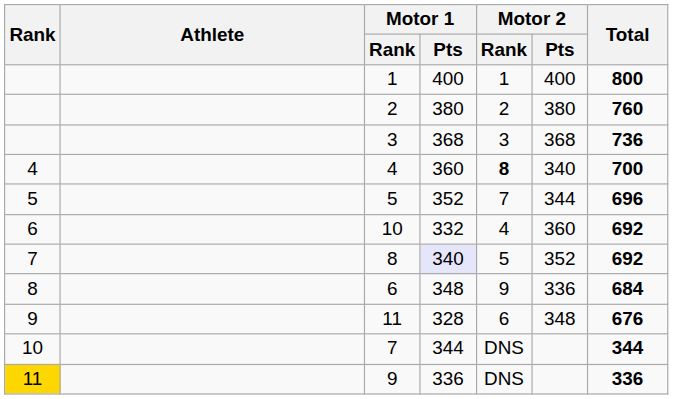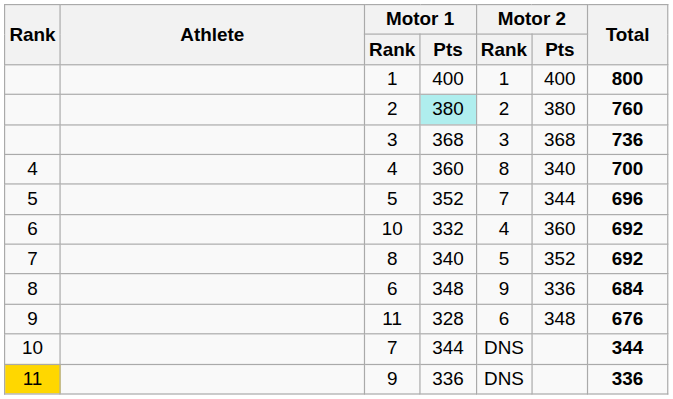 <table class=wikitable style="text-align:center">
 <tr>
 <th width=40 rowspan=2>Rank</th>
 <th width=250 rowspan=2>Athlete</th>
 <th colspan=2>Motor 1</th>
 <th colspan=2>Motor 2</th>
 <th width=60 rowspan=2>Total</th>
 </tr>
 <tr>
 <th width=40>Rank</th>
 <th width=40>Pts</th>
 <th width=40>Rank</th>
 <th width=40>Pts</th>
 </tr>
 <tr>
 <td></td>
 <td align=left></td>
 <td>1</td>
 <td>400</td>
 <td>1</td>
 <td>400</td>
 <td><strong>800</strong></td>
 </tr>
 <tr>
 <td></td>
 <td align=left></td>
 <td>2</td>
-<td>380</td>
+<td style="background: paleturquoise;">380</td>
 <td>2</td>
 <td>380</td>
 <td><strong>760</strong></td>
 </tr>
 <tr>
 <td></td>
 <td align=left></td>
 <td>3</td>
 <td>368</td>
 <td>3</td>
 <td>368</td>
 <td><strong>736</strong></td>
 </tr>
 <tr>
 <td>4</td>
 <td align=left></td>
 <td>4</td>
 <td>360</td>
-<td><strong>8</strong></td>
+<td>8</td>
 <td>340</td>
 <td><strong>700</strong></td>
 </tr>
 <tr>
 <td>5</td>
 <td align=left></td>
 <td>5</td>
 <td>352</td>
 <td>7</td>
 <td>344</td>
 <td><strong>696</strong></td>
 </tr>
 <tr>
 <td>6</td>
 <td align=left></td>
 <td>10</td>
 <td>332</td>
 <td>4</td>
 <td>360</td>
 <td><strong>692</strong></td>
 </tr>
 <tr>
 <td>7</td>
 <td align=left></td>
 <td>8</td>
-<td style="background: lavender;">340</td>
+<td>340</td>
 <td>5</td>
 <td>352</td>
 <td><strong>692</strong></td>
 </tr>
 <tr>
 <td>8</td>
 <td align=left></td>
 <td>6</td>
 <td>348</td>
 <td>9</td>
 <td>336</td>
 <td><strong>684</strong></td>
 </tr>
 <tr>
 <td>9</td>
 <td align=left></td>
 <td>11</td>
 <td>328</td>
 <td>6</td>
 <td>348</td>
 <td><strong>676</strong></td>
 </tr>
 <tr>
 <td>10</td>
 <td align=left></td>
 <td>7</td>
 <td>344</td>
 <td>DNS</td>
 <td></td>
 <td><strong>344</strong></td>
 </tr>
 <tr>
 <td style="background: gold;">11</td>
 <td align=left></td>
 <td>9</td>
 <td>336</td>
 <td>DNS</td>
 <td></td>
 <td><strong>336</strong></td>
 </tr>
 </table>
